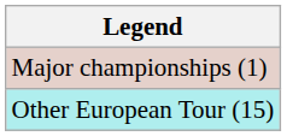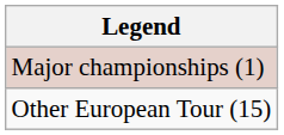 <table class="wikitable" style="font-size:95%;">
 <tr>
 <th>Legend</th>
 </tr>
 <tr style="background:#e5d1cb;">
 <td>Major championships  (1)</td>
 </tr>
 <tr>
-<td style="background: paleturquoise;">Other European Tour (15)</td>
+<td>Other European Tour (15)</td>
 </tr>
 </table>
